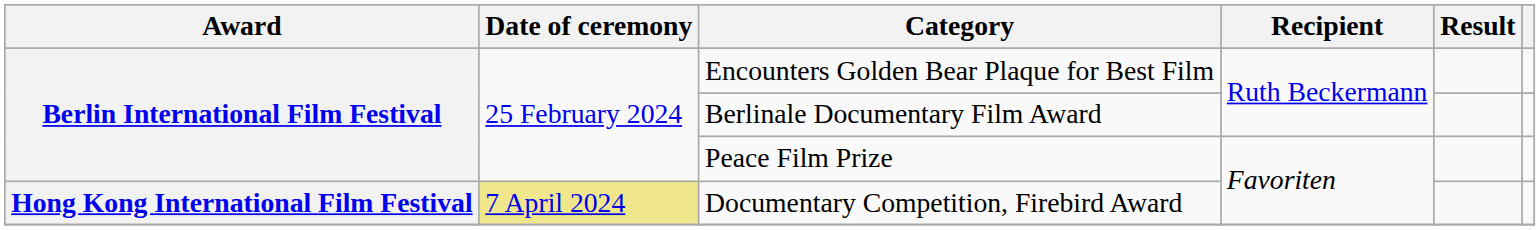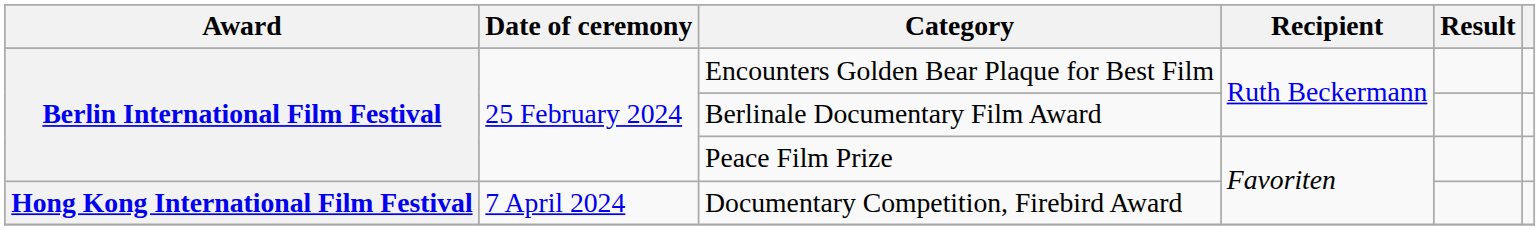 <table class="wikitable sortable plainrowheaders">
 <tr>
 <th>Award</th>
 <th>Date of ceremony</th>
 <th>Category</th>
 <th>Recipient</th>
 <th>Result</th>
 <th></th>
 </tr>
 <tr>
 <th scope="row" rowspan="3"><a href='#'>Berlin International Film Festival</a></th>
 <td rowspan="3"><a href='#'>25 February 2024</a></td>
 <td>Encounters Golden Bear Plaque for Best Film</td>
 <td rowspan="2"><a href='#'>Ruth Beckermann</a></td>
 <td></td>
 <td align="center" rowspan="1"></td>
 </tr>
 <tr>
 <td>Berlinale Documentary Film Award</td>
 <td></td>
 <td align="center"></td>
 </tr>
 <tr>
 <td>Peace Film Prize</td>
 <td rowspan=2><em>Favoriten</em></td>
 <td></td>
 <td align="center" rowspan="1"></td>
 </tr>
 <tr>
 <th scope="row"><a href='#'>Hong Kong International Film Festival</a></th>
-<td style="background: khaki;"><a href='#'>7 April 2024</a></td>
+<td><a href='#'>7 April 2024</a></td>
 <td>Documentary Competition, Firebird Award</td>
 <td></td>
 <td align="center" rowspan="1"></td>
 </tr>
 <tr>
 </tr>
 </table>
